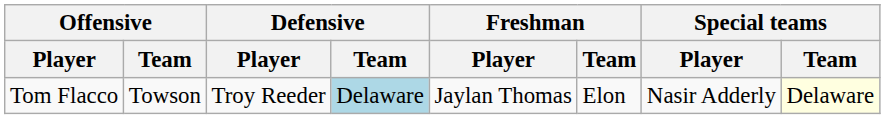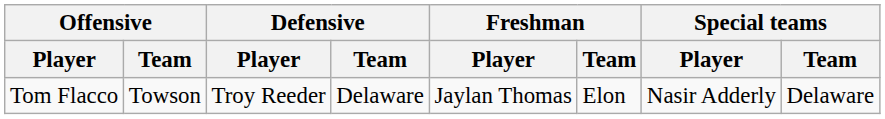 <table class="wikitable" border="1">
 <tr>
 <th colspan="2">Offensive</th>
 <th colspan="2">Defensive</th>
 <th colspan="2">Freshman</th>
 <th colspan="2">Special teams</th>
 </tr>
 <tr>
 <th>Player</th>
 <th>Team</th>
 <th>Player</th>
 <th>Team</th>
 <th>Player</th>
 <th>Team</th>
 <th>Player</th>
 <th>Team</th>
 </tr>
 <tr>
 <td>Tom Flacco</td>
 <td>Towson</td>
 <td>Troy Reeder</td>
-<td style="background: lightblue;">Delaware</td>
+<td>Delaware</td>
 <td>Jaylan Thomas</td>
 <td>Elon</td>
 <td>Nasir Adderly</td>
-<td style="background: lightyellow;">Delaware</td>
+<td>Delaware</td>
 </tr>
 </table>
